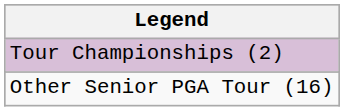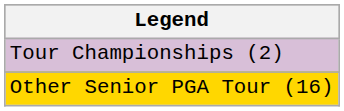 <table class="wikitable" style="font-size:95%;">
 <tr>
 <th>Legend</th>
 </tr>
 <tr style="background:thistle;">
 <td>Tour Championships (2)</td>
 </tr>
 <tr>
-<td>Other Senior PGA Tour (16)</td>
+<td style="background: gold;">Other Senior PGA Tour (16)</td>
 </tr>
 </table>
